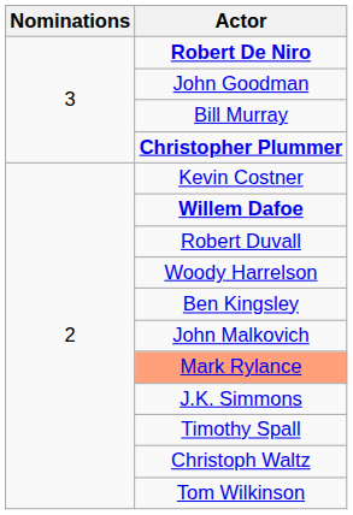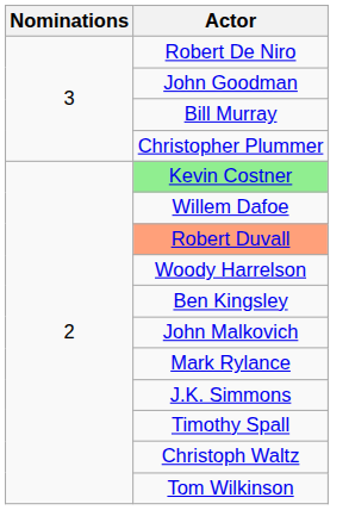 <table class="wikitable" style="text-align:center;">
 <tr>
 <th scope="col" width="55">Nominations</th>
 <th scope="col" align="center">Actor</th>
 </tr>
 <tr>
 <td rowspan=4 style="text-align:center">3</td>
-<td><strong><a href='#'>Robert De Niro</a></strong></td>
+<td><a href='#'>Robert De Niro</a></td>
 </tr>
 <tr>
 <td><a href='#'>John Goodman</a></td>
 </tr>
 <tr>
 <td><a href='#'>Bill Murray</a></td>
 </tr>
 <tr>
-<td><strong><a href='#'>Christopher Plummer</a></strong></td>
+<td><a href='#'>Christopher Plummer</a></td>
 </tr>
 <tr>
 <td rowspan=11 style="text-align:center">2</td>
-<td><a href='#'>Kevin Costner</a></td>
+<td style="background: lightgreen;"><a href='#'>Kevin Costner</a></td>
 </tr>
 <tr>
-<td><strong><a href='#'>Willem Dafoe</a></strong></td>
+<td><a href='#'>Willem Dafoe</a></td>
 </tr>
 <tr>
-<td><a href='#'>Robert Duvall</a></td>
+<td style="background: lightsalmon;"><a href='#'>Robert Duvall</a></td>
 </tr>
 <tr>
 <td><a href='#'>Woody Harrelson</a></td>
 </tr>
 <tr>
 <td><a href='#'>Ben Kingsley</a></td>
 </tr>
 <tr>
 <td><a href='#'>John Malkovich</a></td>
 </tr>
 <tr>
-<td style="background: lightsalmon;"><a href='#'>Mark Rylance</a></td>
+<td><a href='#'>Mark Rylance</a></td>
 </tr>
 <tr>
 <td><a href='#'>J.K. Simmons</a></td>
 </tr>
 <tr>
 <td><a href='#'>Timothy Spall</a></td>
 </tr>
 <tr>
 <td><a href='#'>Christoph Waltz</a></td>
 </tr>
 <tr>
 <td><a href='#'>Tom Wilkinson</a></td>
 </tr>
 </table>
